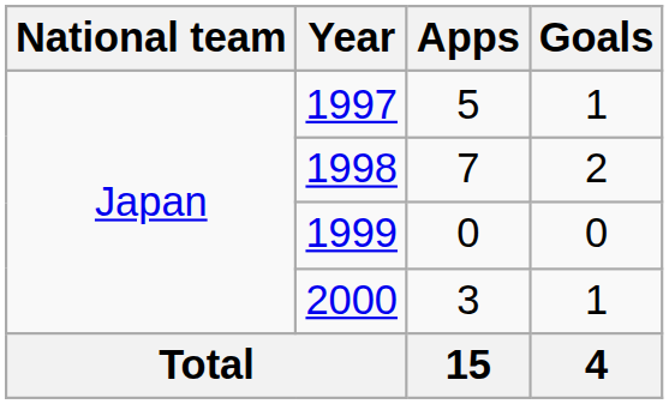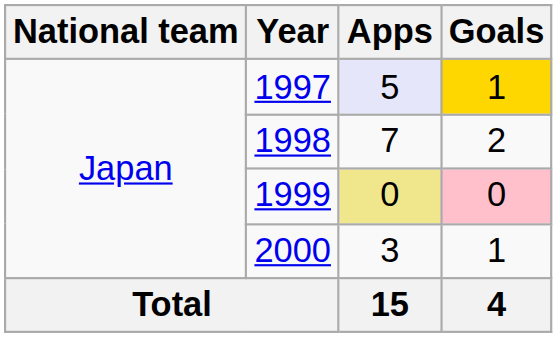 <table class="wikitable" style="text-align:center">
 <tr>
 <th>National team</th>
 <th>Year</th>
 <th>Apps</th>
 <th>Goals</th>
 </tr>
 <tr>
 <td rowspan="4"><a href='#'>Japan</a></td>
 <td><a href='#'>1997</a></td>
-<td>5</td>
-<td>1</td>
+<td style="background: lavender;">5</td>
+<td style="background: gold;">1</td>
 </tr>
 <tr>
 <td><a href='#'>1998</a></td>
 <td>7</td>
 <td>2</td>
 </tr>
 <tr>
 <td><a href='#'>1999</a></td>
-<td>0</td>
-<td>0</td>
+<td style="background: khaki;">0</td>
+<td style="background: pink;">0</td>
 </tr>
 <tr>
 <td><a href='#'>2000</a></td>
 <td>3</td>
 <td>1</td>
 </tr>
 <tr>
 <th colspan="2">Total</th>
 <th>15</th>
 <th>4</th>
 </tr>
 </table>
